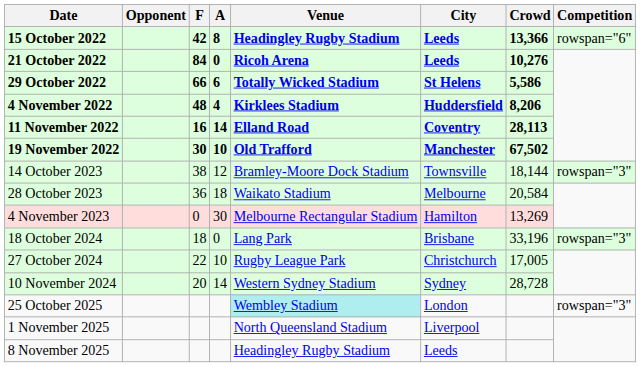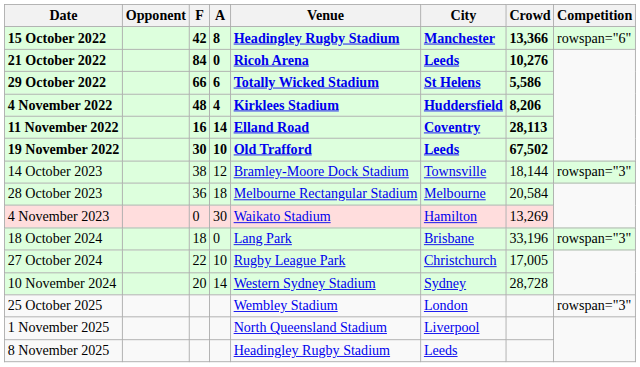 <table class="wikitable sortable">
 <tr>
 <th>Date</th>
 <th>Opponent</th>
 <th>F</th>
 <th>A</th>
 <th>Venue</th>
 <th>City</th>
 <th>Crowd</th>
 <th>Competition</th>
 </tr>
 <tr style="background:#ddffdd;">
 <td><strong>15 October 2022</strong></td>
 <td><strong></strong></td>
 <td><strong>42</strong></td>
 <td><strong>8</strong></td>
 <td><strong><a href='#'>Headingley Rugby Stadium</a></strong></td>
-<td><strong><a href='#'>Leeds</a></strong></td>
+<td><strong><a href='#'>Manchester</a></strong></td>
 <td><strong>13,366</strong></td>
 <td>rowspan="6" </td>
 </tr>
 <tr style="background:#ddffdd;">
 <td><strong>21 October 2022</strong></td>
 <td><strong></strong></td>
 <td><strong>84</strong></td>
 <td><strong>0</strong></td>
 <td><strong><a href='#'>Ricoh Arena</a></strong></td>
 <td><strong><a href='#'>Leeds</a></strong></td>
 <td><strong>10,276</strong></td>
 </tr>
 <tr style="background:#ddffdd;">
 <td><strong>29 October 2022</strong></td>
 <td><strong></strong></td>
 <td><strong>66</strong></td>
 <td><strong>6</strong></td>
 <td><strong><a href='#'>Totally Wicked Stadium</a></strong></td>
 <td><strong><a href='#'>St Helens</a></strong></td>
 <td><strong>5,586</strong></td>
 </tr>
 <tr style="background:#ddffdd;">
 <td><strong>4 November 2022</strong></td>
 <td><strong></strong></td>
 <td><strong>48</strong></td>
 <td><strong>4</strong></td>
 <td><strong><a href='#'>Kirklees Stadium</a></strong></td>
 <td><strong><a href='#'>Huddersfield</a></strong></td>
 <td><strong>8,206</strong></td>
 </tr>
 <tr style="background:#ddffdd;">
 <td><strong>11 November 2022</strong></td>
 <td><strong></strong></td>
 <td><strong>16</strong></td>
 <td><strong>14</strong></td>
 <td><strong><a href='#'>Elland Road</a></strong></td>
 <td><strong><a href='#'>Coventry</a></strong></td>
 <td><strong>28,113</strong></td>
 </tr>
 <tr style="background:#ddffdd;">
 <td><strong>19 November 2022</strong></td>
 <td><strong></strong></td>
 <td><strong>30</strong></td>
 <td><strong>10</strong></td>
 <td><strong><a href='#'>Old Trafford</a></strong></td>
-<td><strong><a href='#'>Manchester</a></strong></td>
+<td><strong><a href='#'>Leeds</a></strong></td>
 <td><strong>67,502</strong></td>
 </tr>
 <tr style="background:#ddffdd;">
 <td>14 October 2023</td>
 <td></td>
 <td>38</td>
 <td>12</td>
 <td><a href='#'>Bramley-Moore Dock Stadium</a></td>
 <td><a href='#'>Townsville</a></td>
 <td>18,144</td>
 <td>rowspan="3" </td>
 </tr>
 <tr style="background:#ddffdd;">
 <td>28 October 2023</td>
 <td></td>
 <td>36</td>
 <td>18</td>
-<td><a href='#'>Waikato Stadium</a></td>
+<td><a href='#'>Melbourne Rectangular Stadium</a></td>
 <td><a href='#'>Melbourne</a></td>
 <td>20,584</td>
 </tr>
 <tr style="background:#ffdddd;">
 <td>4 November 2023</td>
 <td></td>
 <td>0</td>
 <td>30</td>
-<td><a href='#'>Melbourne Rectangular Stadium</a></td>
+<td><a href='#'>Waikato Stadium</a></td>
 <td><a href='#'>Hamilton</a></td>
 <td>13,269</td>
 </tr>
 <tr style="background:#ddffdd;">
 <td>18 October 2024</td>
 <td></td>
 <td>18</td>
 <td>0</td>
 <td><a href='#'>Lang Park</a></td>
 <td><a href='#'>Brisbane</a></td>
 <td>33,196</td>
 <td>rowspan="3" </td>
 </tr>
 <tr style="background:#ddffdd;">
 <td>27 October 2024</td>
 <td></td>
 <td>22</td>
 <td>10</td>
 <td><a href='#'>Rugby League Park</a></td>
 <td><a href='#'>Christchurch</a></td>
 <td>17,005</td>
 </tr>
 <tr style="background:#ddffdd;">
 <td>10 November 2024</td>
 <td></td>
 <td>20</td>
 <td>14</td>
 <td><a href='#'>Western Sydney Stadium</a></td>
 <td><a href='#'>Sydney</a></td>
 <td>28,728</td>
 </tr>
 <tr>
 <td>25 October 2025</td>
 <td></td>
 <td></td>
 <td></td>
-<td style="background: paleturquoise;"><a href='#'>Wembley Stadium</a></td>
+<td><a href='#'>Wembley Stadium</a></td>
 <td><a href='#'>London</a></td>
 <td></td>
 <td>rowspan="3" </td>
 </tr>
 <tr>
 <td>1 November 2025</td>
 <td></td>
 <td></td>
 <td></td>
 <td><a href='#'>North Queensland Stadium</a></td>
 <td><a href='#'>Liverpool</a></td>
 <td></td>
 </tr>
 <tr>
 <td>8 November 2025</td>
 <td></td>
 <td></td>
 <td></td>
 <td><a href='#'>Headingley Rugby Stadium</a></td>
 <td><a href='#'>Leeds</a></td>
 <td></td>
 </tr>
 </table>
